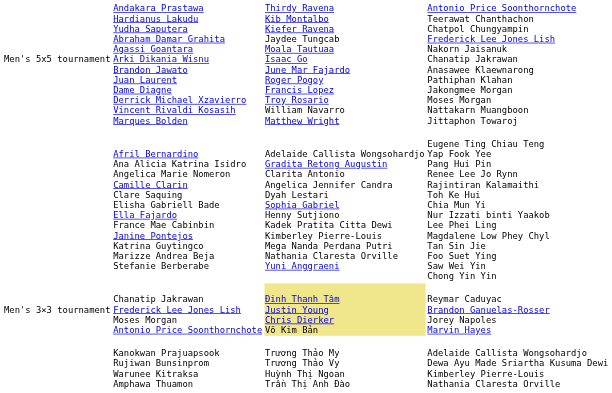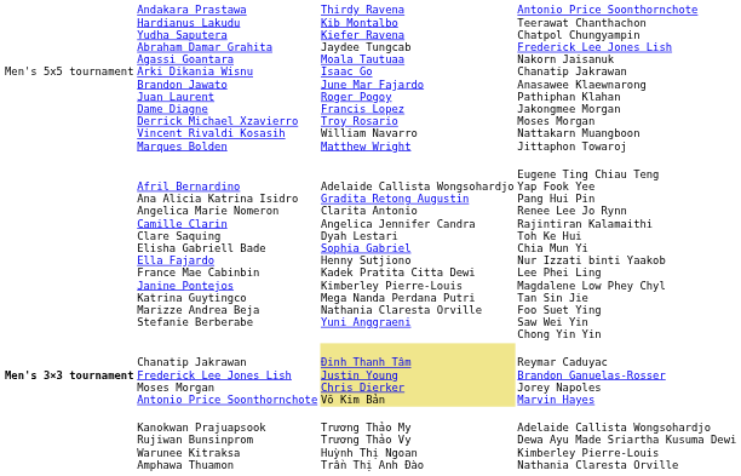 <table>
 <tr>
 <td>Men's 5x5 tournament<br></td>
 <td nowrap=true><br><a href='#'>Andakara Prastawa</a><br><a href='#'>Hardianus Lakudu</a><br><a href='#'>Yudha Saputera</a><br><a href='#'>Abraham Damar Grahita</a><br><a href='#'>Agassi Goantara</a><br><a href='#'>Arki Dikania Wisnu</a><br><a href='#'>Brandon Jawato</a><br><a href='#'>Juan Laurent</a><br><a href='#'>Dame Diagne</a><br><a href='#'>Derrick Michael Xzavierro</a><br><a href='#'>Vincent Rivaldi Kosasih</a><br><a href='#'>Marques Bolden</a></td>
 <td nowrap=true><br><a href='#'>Thirdy Ravena</a><br><a href='#'>Kib Montalbo</a><br><a href='#'>Kiefer Ravena</a><br>Jaydee Tungcab<br><a href='#'>Moala Tautuaa</a><br><a href='#'>Isaac Go</a><br><a href='#'>June Mar Fajardo</a><br><a href='#'>Roger Pogoy</a><br><a href='#'>Francis Lopez</a><br><a href='#'>Troy Rosario</a><br>William Navarro<br><a href='#'>Matthew Wright</a></td>
 <td nowrap=true><br><a href='#'>Antonio Price Soonthornchote</a><br>Teerawat Chanthachon<br>Chatpol Chungyampin<br><a href='#'>Frederick Lee Jones Lish</a><br>Nakorn Jaisanuk<br>Chanatip Jakrawan<br>Anasawee Klaewnarong<br>Pathiphan Klahan<br>Jakongmee Morgan<br>Moses Morgan<br>Nattakarn Muangboon<br>Jittaphon Towaroj</td>
 </tr>
 <tr>
 <td><br></td>
 <td nowrap=true><br><a href='#'>Afril Bernardino</a><br>Ana Alicia Katrina Isidro <br>Angelica Marie Nomeron <br><a href='#'>Camille Clarin</a> <br>Clare Saquing <br>Elisha Gabriell Bade <br><a href='#'>Ella Fajardo</a> <br>France Mae Cabinbin <br><a href='#'>Janine Pontejos</a> <br>Katrina Guytingco<br>Marizze Andrea Beja <br>Stefanie Berberabe</td>
 <td nowrap=true><br>Adelaide Callista Wongsohardjo<br><a href='#'>Gradita Retong Augustin</a><br>Clarita Antonio<br>Angelica Jennifer Candra<br>Dyah Lestari<br><a href='#'>Sophia Gabriel</a><br>Henny Sutjiono<br>Kadek Pratita Citta Dewi<br>Kimberley Pierre-Louis<br>Mega Nanda Perdana Putri<br>Nathania Claresta Orville<br><a href='#'>Yuni Anggraeni</a></td>
 <td nowrap=true><br>Eugene Ting Chiau Teng<br>Yap Fook Yee<br>Pang Hui Pin<br>Renee Lee Jo Rynn<br>Rajintiran Kalamaithi<br>Toh Ke Hui<br>Chia Mun Yi<br>Nur Izzati binti Yaakob<br>Lee Phei Ling<br>Magdalene Low Phey Chyl<br>Tan Sin Jie<br>Foo Suet Ying<br>Saw Wei Yin<br>Chong Yin Yin</td>
 </tr>
 <tr>
-<td>Men's 3×3 tournament<br></td>
+<td><strong>Men's 3×3 tournament<br></strong></td>
 <td nowrap=true><br>Chanatip Jakrawan<br><a href='#'>Frederick Lee Jones Lish</a><br>Moses Morgan<br><a href='#'>Antonio Price Soonthornchote</a></td>
 <td nowrap=true style="background: khaki;"><br><a href='#'>Đinh Thanh Tâm</a><br><a href='#'>Justin Young</a><br><a href='#'>Chris Dierker</a><br>Võ Kim Bản</td>
 <td nowrap=true><br>Reymar Caduyac<br><a href='#'>Brandon Ganuelas-Rosser</a><br>Jorey Napoles<br><a href='#'>Marvin Hayes</a></td>
 </tr>
 <tr>
 <td><br></td>
 <td nowrap=true><br>Kanokwan Prajuapsook<br>Rujiwan Bunsinprom<br>Warunee Kitraksa<br>Amphawa Thuamon</td>
 <td nowrap=true><br>Trương Thảo My<br>Trương Thảo Vy<br>Huỳnh Thị Ngoan<br>Trần Thị Anh Đào</td>
 <td nowrap=true> <br>Adelaide Callista Wongsohardjo<br>Dewa Ayu Made Sriartha Kusuma Dewi<br>Kimberley Pierre-Louis<br>Nathania Claresta Orville</td>
 </tr>
 </table>
